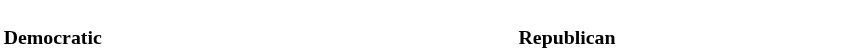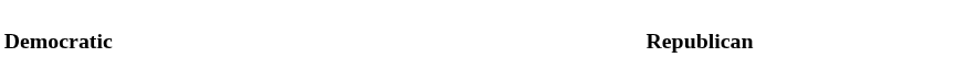 <table style="width:70%; text-align:center">
 <tr style="color:white">
 <td style="background:"><strong>183</strong></td>
+<td style="background:"><strong>1</strong></td>
 <td style="background:"><strong>141</strong></td>
-<td style="background:"><strong>1</strong></td>
 </tr>
 <tr>
 <td><span><strong>Democratic</strong></span></td>
+<td></td>
 <td><span><strong>Republican</strong></span></td>
-<td></td>
 </tr>
 </table>
